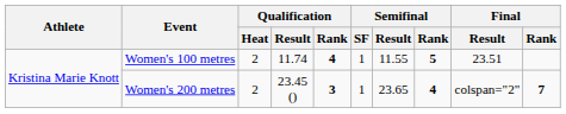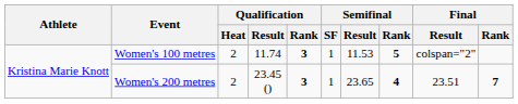 <table class=wikitable  style="font-size:90%">
 <tr>
 <th rowspan=2>Athlete</th>
 <th rowspan=2>Event</th>
 <th colspan=3>Qualification</th>
 <th colspan=3>Semifinal</th>
 <th colspan=2>Final</th>
 </tr>
 <tr>
 <th>Heat</th>
 <th>Result</th>
 <th>Rank</th>
 <th>SF</th>
 <th>Result</th>
 <th>Rank</th>
 <th>Result</th>
 <th>Rank</th>
 </tr>
 <tr>
 <td rowspan=2><a href='#'>Kristina Marie Knott</a></td>
 <td align=center><a href='#'>Women's 100 metres</a></td>
 <td align=center>2</td>
 <td align=center>11.74</td>
-<td align=center><strong>4 </strong></td>
+<td align=center><strong>3 </strong></td>
 <td align=center>1</td>
-<td align=center>11.55</td>
+<td align=center>11.53</td>
 <td align=center><strong>5</strong></td>
-<td align=center>23.51</td>
+<td>colspan="2" </td>
 </tr>
 <tr>
 <td align=center><a href='#'>Women's 200 metres</a></td>
 <td align=center>2</td>
 <td align=center>23.45<br>()</td>
 <td align=center><strong>3 </strong></td>
 <td align=center>1</td>
 <td align=center>23.65</td>
 <td align=center><strong>4 </strong></td>
-<td>colspan="2" </td>
+<td align=center>23.51</td>
 <td align=center><strong>7</strong></td>
 </tr>
 </table>
